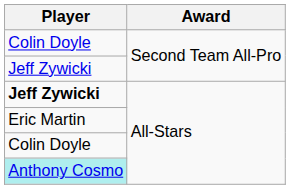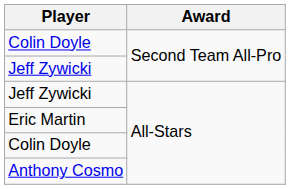 <table class="wikitable">
 <tr>
 <th>Player</th>
 <th>Award</th>
 </tr>
 <tr>
 <td><a href='#'>Colin Doyle</a></td>
 <td rowspan=2>Second Team All-Pro</td>
 </tr>
 <tr>
 <td><a href='#'>Jeff Zywicki</a></td>
 </tr>
 <tr>
-<td><strong>Jeff Zywicki</strong></td>
+<td>Jeff Zywicki</td>
 <td rowspan=4>All-Stars</td>
 </tr>
 <tr>
 <td>Eric Martin</td>
 </tr>
 <tr>
 <td>Colin Doyle</td>
 </tr>
 <tr>
-<td style="background: paleturquoise;"><a href='#'>Anthony Cosmo</a></td>
+<td><a href='#'>Anthony Cosmo</a></td>
 </tr>
 </table>
